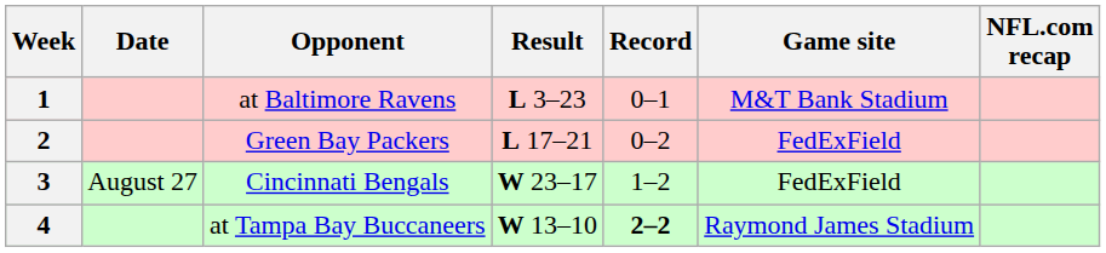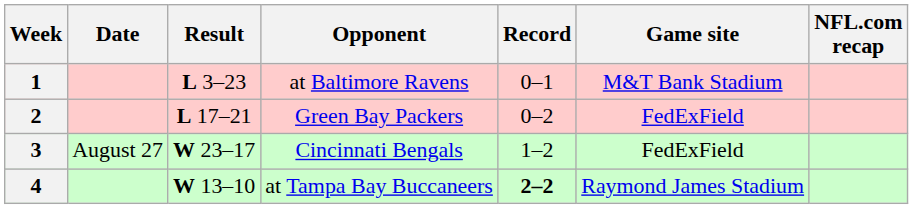 <table class="wikitable" style="text-align:center">
 <tr>
 <th>Week</th>
 <th>Date</th>
+<th>Result</th>
 <th>Opponent</th>
-<th>Result</th>
 <th>Record</th>
 <th>Game site</th>
 <th>NFL.com<br>recap</th>
 </tr>
 <tr style="background:#fcc">
 <th>1</th>
 <td></td>
+<td><strong>L</strong> 3–23</td>
 <td>at <a href='#'>Baltimore Ravens</a></td>
-<td><strong>L</strong> 3–23</td>
 <td>0–1</td>
 <td><a href='#'>M&T Bank Stadium</a></td>
 <td></td>
 </tr>
 <tr style="background:#fcc">
 <th>2</th>
 <td></td>
+<td><strong>L</strong> 17–21</td>
 <td><a href='#'>Green Bay Packers</a></td>
-<td><strong>L</strong> 17–21</td>
 <td>0–2</td>
 <td><a href='#'>FedExField</a></td>
 <td></td>
 </tr>
 <tr style="background:#cfc">
 <th>3</th>
 <td>August 27</td>
+<td><strong>W</strong> 23–17</td>
 <td><a href='#'>Cincinnati Bengals</a></td>
-<td><strong>W</strong> 23–17</td>
 <td>1–2</td>
 <td>FedExField</td>
 <td></td>
 </tr>
 <tr style="background:#cfc">
 <th>4</th>
 <td></td>
+<td><strong>W</strong> 13–10</td>
 <td>at <a href='#'>Tampa Bay Buccaneers</a></td>
-<td><strong>W</strong> 13–10</td>
 <td><strong>2–2</strong></td>
 <td><a href='#'>Raymond James Stadium</a></td>
 <td></td>
 </tr>
 </table>
